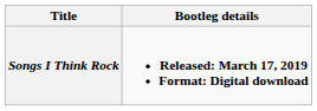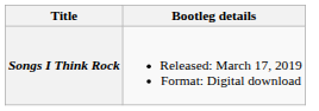 <table class="wikitable plainrowheaders" style="text-align:center;">
 <tr>
 <th scope="col">Title</th>
 <th scope="col">Bootleg details</th>
 </tr>
 <tr>
 <th scope="row"><em>Songs I Think Rock</em></th>
-<td><strong><br><ul><li>Released: March 17, 2019</li><li>Format: Digital download</li></ul></strong></td>
+<td><br><ul><li>Released: March 17, 2019</li><li>Format: Digital download</li></ul></td>
 </tr>
 </table>
